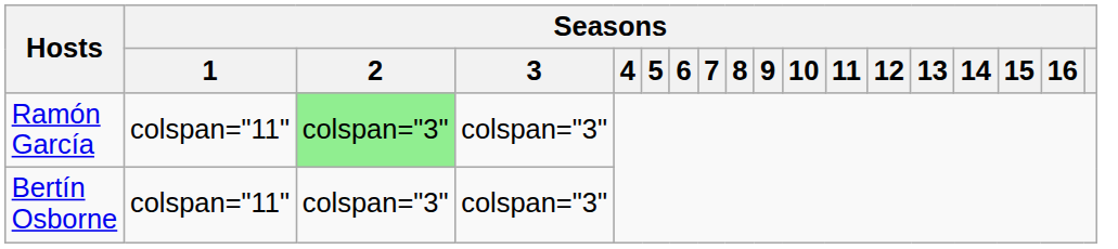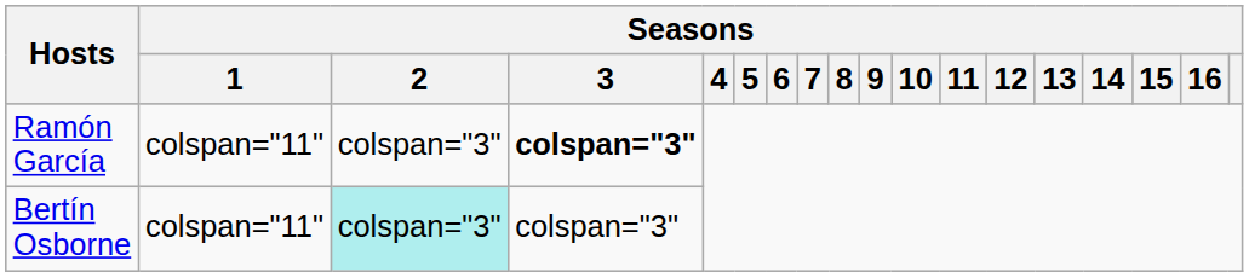 <table class="wikitable plainrowheaders" style="text-align:left">
 <tr>
 <th rowspan="2" width="25%" scope="col">Hosts</th>
 <th colspan="17">Seasons</th>
 </tr>
 <tr>
 <th>1</th>
 <th>2</th>
 <th>3</th>
 <th>4</th>
 <th>5</th>
 <th>6</th>
 <th>7</th>
 <th>8</th>
 <th>9</th>
 <th>10</th>
 <th>11</th>
 <th>12</th>
 <th>13</th>
 <th>14</th>
 <th>15</th>
 <th>16</th>
 <th></th>
 </tr>
 <tr>
 <td><a href='#'>Ramón García</a></td>
 <td>colspan="11" </td>
-<td style="background: lightgreen;">colspan="3" </td>
 <td>colspan="3" </td>
+<td><strong>colspan="3" </strong></td>
 </tr>
 <tr>
 <td><a href='#'>Bertín Osborne</a></td>
 <td>colspan="11" </td>
-<td>colspan="3" </td>
+<td style="background: paleturquoise;">colspan="3" </td>
 <td>colspan="3" </td>
 </tr>
 </table>
